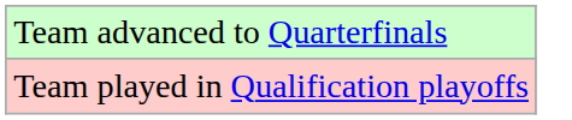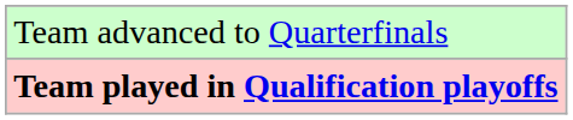 <table class="wikitable">
 <tr style="width:10px; background:#cfc;">
 <td>Team advanced to <a href='#'>Quarterfinals</a></td>
 </tr>
 <tr style="width:10px; background:#fcc;">
-<td>Team played in <a href='#'>Qualification playoffs</a></td>
+<td><strong>Team played in <a href='#'>Qualification playoffs</a></strong></td>
 </tr>
 </table>
